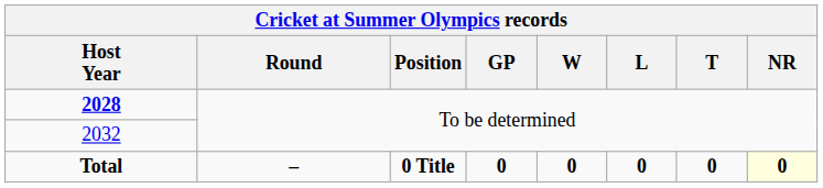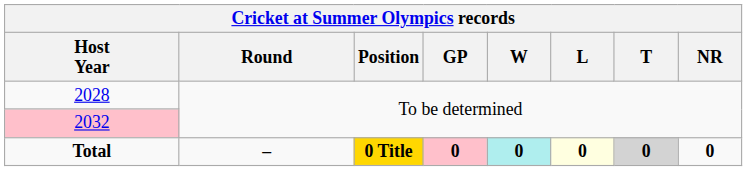 <table class="wikitable" style="text-align: center; width=900px;">
 <tr>
 <th colspan=9><a href='#'>Cricket at Summer Olympics</a> records</th>
 </tr>
 <tr>
 <th width=150>Host<br>Year</th>
 <th width=150>Round</th>
 <th width=50>Position</th>
 <th width=50>GP</th>
 <th width=50>W</th>
 <th width=50>L</th>
 <th width=50>T</th>
 <th width=50>NR</th>
 </tr>
 <tr>
-<td><strong> <a href='#'>2028</a></strong></td>
+<td> <a href='#'>2028</a></td>
 <td colspan=8 rowspan=2>To be determined</td>
 </tr>
 <tr>
-<td> <a href='#'>2032</a></td>
+<td style="background: pink;"> <a href='#'>2032</a></td>
 </tr>
 <tr>
 <td><strong>Total</strong></td>
 <td><strong>–</strong></td>
-<td><strong>0 Title</strong></td>
+<td style="background: gold;"><strong>0 Title</strong></td>
+<td style="background: pink;"><strong>0</strong></td>
+<td style="background: paleturquoise;"><strong>0</strong></td>
+<td style="background: lightyellow;"><strong>0</strong></td>
+<td style="background: lightgrey;"><strong>0</strong></td>
 <td><strong>0</strong></td>
-<td><strong>0</strong></td>
-<td><strong>0</strong></td>
-<td><strong>0</strong></td>
-<td style="background: lightyellow;"><strong>0</strong></td>
 </tr>
 </table>
